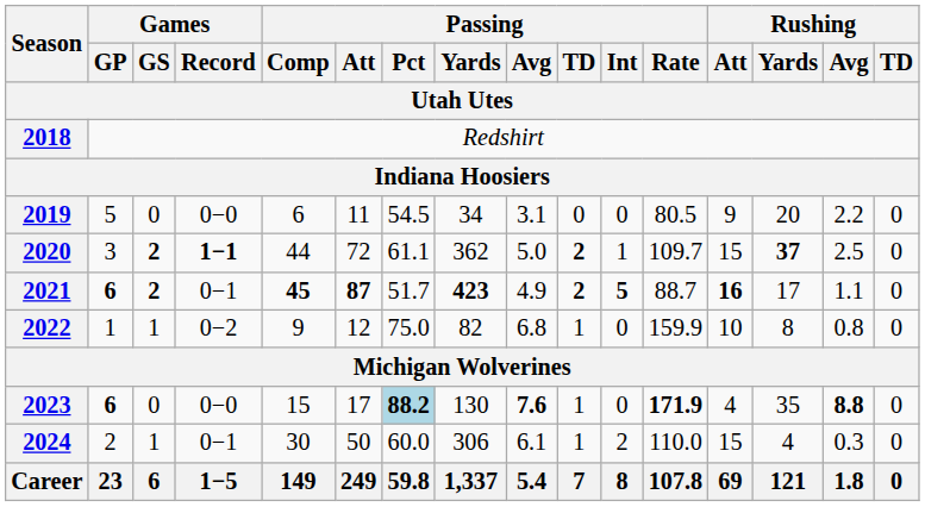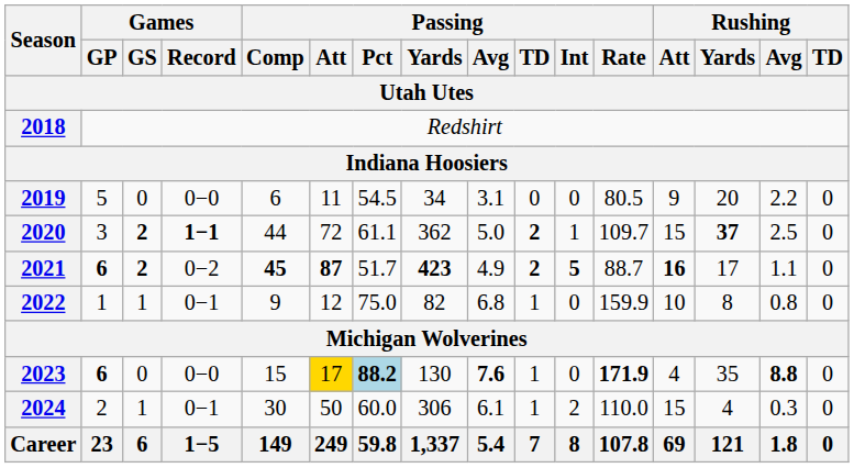 <table class="wikitable" style="text-align:center;">
 <tr>
 <th rowspan="2">Season</th>
 <th colspan="3">Games</th>
 <th colspan="8">Passing</th>
 <th colspan="5">Rushing</th>
 </tr>
 <tr>
 <th>GP</th>
 <th>GS</th>
 <th>Record</th>
 <th>Comp</th>
 <th>Att</th>
 <th>Pct</th>
 <th>Yards</th>
 <th>Avg</th>
 <th>TD</th>
 <th>Int</th>
 <th>Rate</th>
 <th>Att</th>
 <th>Yards</th>
 <th>Avg</th>
 <th>TD</th>
 </tr>
 <tr>
 <th colspan="16">Utah Utes</th>
 </tr>
 <tr>
 <th><a href='#'>2018</a></th>
 <td colspan="16"><em>Redshirt </em></td>
 </tr>
 <tr>
 <th colspan="16">Indiana Hoosiers</th>
 </tr>
 <tr>
 <th><a href='#'>2019</a></th>
 <td>5</td>
 <td>0</td>
 <td>0−0</td>
 <td>6</td>
 <td>11</td>
 <td>54.5</td>
 <td>34</td>
 <td>3.1</td>
 <td>0</td>
 <td>0</td>
 <td>80.5</td>
 <td>9</td>
 <td>20</td>
 <td>2.2</td>
 <td>0</td>
 </tr>
 <tr>
 <th><a href='#'>2020</a></th>
 <td>3</td>
 <td><strong>2</strong></td>
 <td><strong>1−1</strong></td>
 <td>44</td>
 <td>72</td>
 <td>61.1</td>
 <td>362</td>
 <td>5.0</td>
 <td><strong>2</strong></td>
 <td>1</td>
 <td>109.7</td>
 <td>15</td>
 <td><strong>37</strong></td>
 <td>2.5</td>
 <td>0</td>
 </tr>
 <tr>
 <th><a href='#'>2021</a></th>
 <td><strong>6</strong></td>
 <td><strong>2</strong></td>
-<td>0−1</td>
+<td>0−2</td>
 <td><strong>45</strong></td>
 <td><strong>87</strong></td>
 <td>51.7</td>
 <td><strong>423</strong></td>
 <td>4.9</td>
 <td><strong>2</strong></td>
 <td><strong>5</strong></td>
 <td>88.7</td>
 <td><strong>16</strong></td>
 <td>17</td>
 <td>1.1</td>
 <td>0</td>
 </tr>
 <tr>
 <th><a href='#'>2022</a></th>
 <td>1</td>
 <td>1</td>
-<td>0−2</td>
+<td>0−1</td>
 <td>9</td>
 <td>12</td>
 <td>75.0</td>
 <td>82</td>
 <td>6.8</td>
 <td>1</td>
 <td>0</td>
 <td>159.9</td>
 <td>10</td>
 <td>8</td>
 <td>0.8</td>
 <td>0</td>
 </tr>
 <tr>
 <th colspan="16">Michigan Wolverines</th>
 </tr>
 <tr>
 <th><a href='#'>2023</a></th>
 <td><strong>6</strong></td>
 <td>0</td>
 <td>0−0</td>
 <td>15</td>
-<td>17</td>
+<td style="background: gold;">17</td>
 <td style="background: lightblue;"><strong>88.2</strong></td>
 <td>130</td>
 <td><strong>7.6</strong></td>
 <td>1</td>
 <td>0</td>
 <td><strong>171.9</strong></td>
 <td>4</td>
 <td>35</td>
 <td><strong>8.8</strong></td>
 <td>0</td>
 </tr>
 <tr>
 <th><a href='#'>2024</a></th>
 <td>2</td>
 <td>1</td>
 <td>0−1</td>
 <td>30</td>
 <td>50</td>
 <td>60.0</td>
 <td>306</td>
 <td>6.1</td>
 <td>1</td>
 <td>2</td>
 <td>110.0</td>
 <td>15</td>
 <td>4</td>
 <td>0.3</td>
 <td>0</td>
 </tr>
 <tr>
 <th>Career</th>
 <th>23</th>
 <th>6</th>
 <th>1−5</th>
 <th>149</th>
 <th>249</th>
 <th>59.8</th>
 <th>1,337</th>
 <th>5.4</th>
 <th>7</th>
 <th>8</th>
 <th>107.8</th>
 <th>69</th>
 <th>121</th>
 <th>1.8</th>
 <th>0</th>
 </tr>
 </table>
